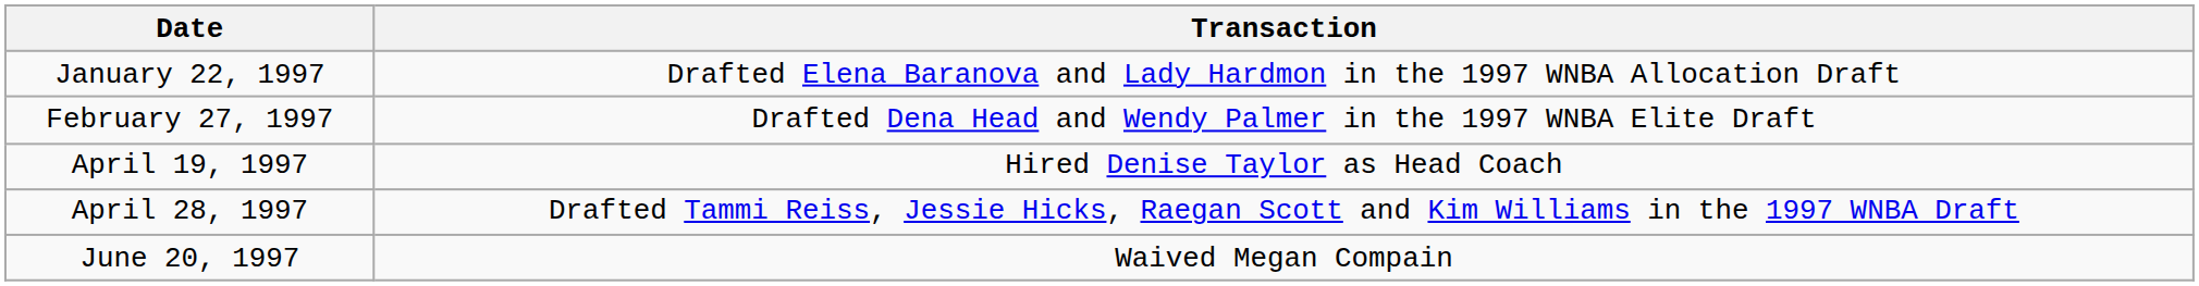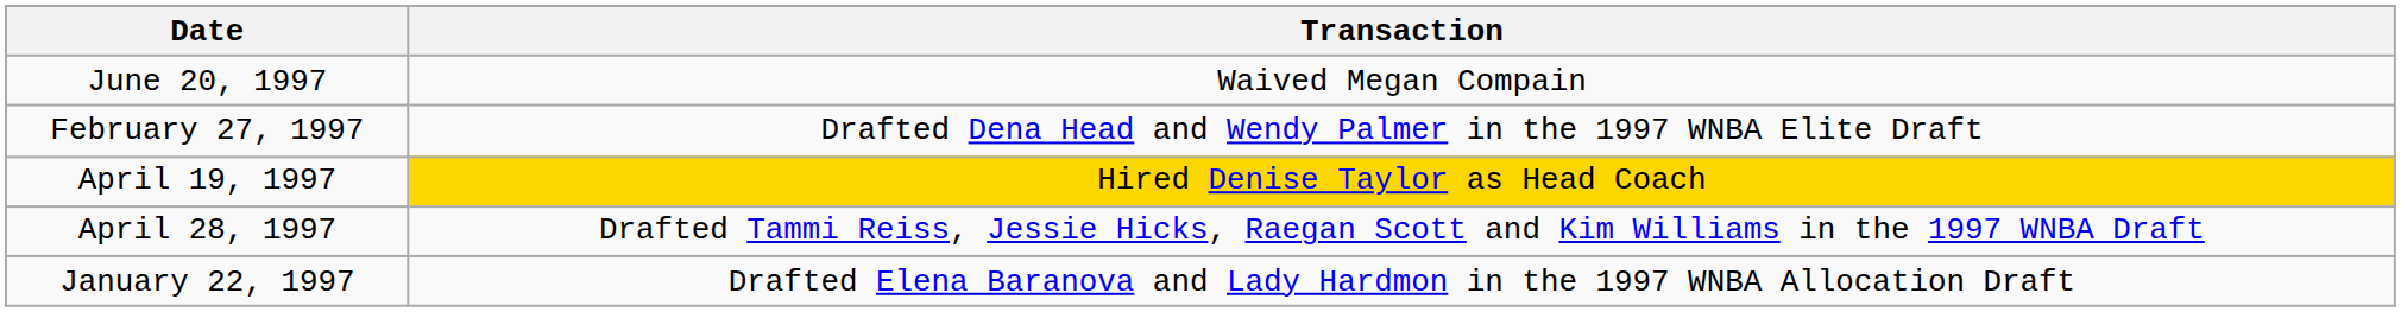 <table class="wikitable" style="width:80%; text-align: center;">
 <tr>
 <th>Date</th>
 <th>Transaction</th>
 </tr>
 <tr>
-<td>January 22, 1997</td>
-<td>Drafted <a href='#'>Elena Baranova</a> and <a href='#'>Lady Hardmon</a> in the 1997 WNBA Allocation Draft</td>
+<td>June 20, 1997</td>
+<td>Waived Megan Compain</td>
 </tr>
 <tr>
 <td>February 27, 1997</td>
 <td>Drafted <a href='#'>Dena Head</a> and <a href='#'>Wendy Palmer</a> in the 1997 WNBA Elite Draft</td>
 </tr>
 <tr>
 <td>April 19, 1997</td>
-<td>Hired <a href='#'>Denise Taylor</a> as Head Coach</td>
+<td style="background: gold;">Hired <a href='#'>Denise Taylor</a> as Head Coach</td>
 </tr>
 <tr>
 <td>April 28, 1997</td>
 <td>Drafted <a href='#'>Tammi Reiss</a>, <a href='#'>Jessie Hicks</a>, <a href='#'>Raegan Scott</a> and <a href='#'>Kim Williams</a> in the <a href='#'>1997 WNBA Draft</a></td>
 </tr>
 <tr>
-<td>June 20, 1997</td>
-<td>Waived Megan Compain</td>
+<td>January 22, 1997</td>
+<td>Drafted <a href='#'>Elena Baranova</a> and <a href='#'>Lady Hardmon</a> in the 1997 WNBA Allocation Draft</td>
 </tr>
 </table>
